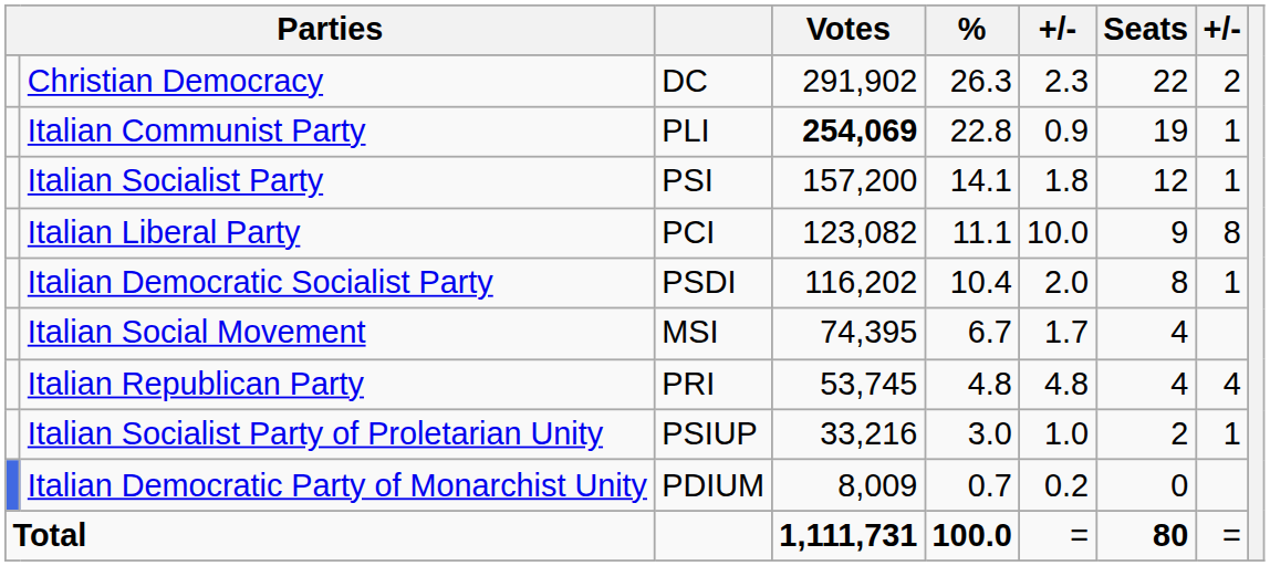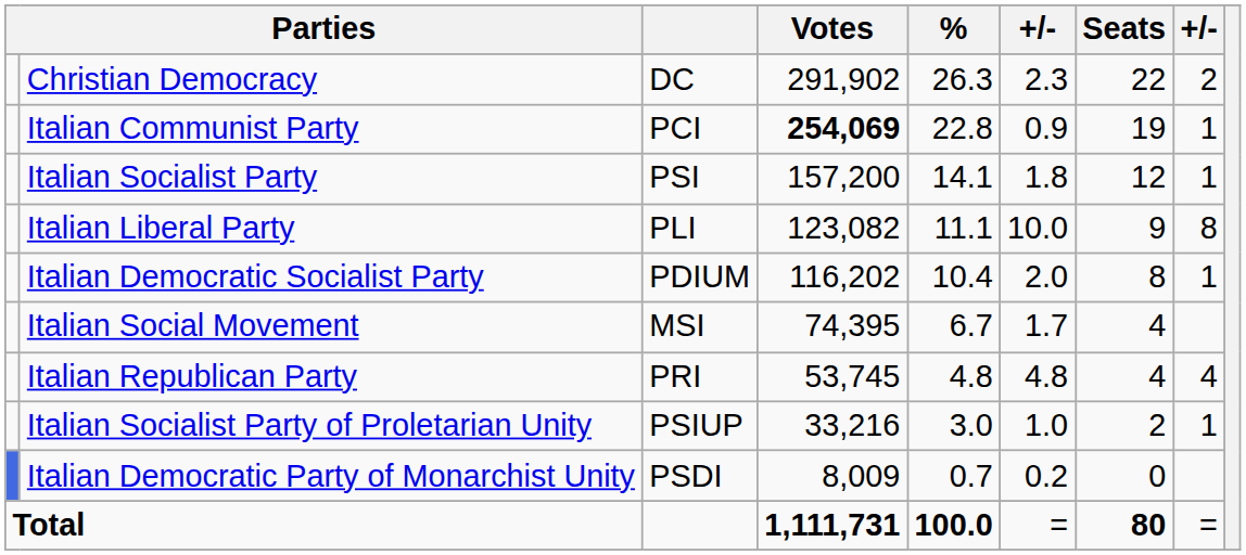 <table class="wikitable">
 <tr>
 <th colspan="2">Parties</th>
 <th></th>
 <th>Votes</th>
 <th>%</th>
 <th>+/-</th>
 <th>Seats</th>
 <th>+/-</th>
 <th rowspan="12"></th>
 </tr>
 <tr>
 <td style="background-color:"></td>
 <td><a href='#'>Christian Democracy</a></td>
 <td>DC</td>
 <td align=right>291,902</td>
 <td align=right>26.3</td>
 <td align=right> 2.3</td>
 <td align=right>22</td>
 <td align=right> 2</td>
 </tr>
 <tr>
 <td style="background-color:"></td>
 <td><a href='#'>Italian Communist Party</a></td>
-<td>PLI</td>
+<td>PCI</td>
 <td align=right><strong>254,069</strong></td>
 <td align=right>22.8</td>
 <td align=right> 0.9</td>
 <td align=right>19</td>
 <td align=right> 1</td>
 </tr>
 <tr>
 <td style="background-color:"></td>
 <td><a href='#'>Italian Socialist Party</a></td>
 <td>PSI</td>
 <td align=right>157,200</td>
 <td align=right>14.1</td>
 <td align=right> 1.8</td>
 <td align=right>12</td>
 <td align=right> 1</td>
 </tr>
 <tr>
 <td style="background-color:"></td>
 <td><a href='#'>Italian Liberal Party</a></td>
-<td>PCI</td>
+<td>PLI</td>
 <td align=right>123,082</td>
 <td align=right>11.1</td>
 <td align=right> 10.0</td>
 <td align=right>9</td>
 <td align=right> 8</td>
 </tr>
 <tr>
 <td style="background-color:"></td>
 <td><a href='#'>Italian Democratic Socialist Party</a></td>
-<td>PSDI</td>
+<td>PDIUM</td>
 <td align=right>116,202</td>
 <td align=right>10.4</td>
 <td align=right> 2.0</td>
 <td align=right>8</td>
 <td align=right> 1</td>
 </tr>
 <tr>
 <td style="background-color:"></td>
 <td><a href='#'>Italian Social Movement</a></td>
 <td>MSI</td>
 <td align=right>74,395</td>
 <td align=right>6.7</td>
 <td align=right> 1.7</td>
 <td align=right>4</td>
 <td align=right></td>
 </tr>
 <tr>
 <td style="background-color:"></td>
 <td><a href='#'>Italian Republican Party</a></td>
 <td>PRI</td>
 <td align=right>53,745</td>
 <td align=right>4.8</td>
 <td align=right> 4.8</td>
 <td align=right>4</td>
 <td align=right> 4</td>
 </tr>
 <tr>
 <td style="background-color:"></td>
 <td><a href='#'>Italian Socialist Party of Proletarian Unity</a></td>
 <td>PSIUP</td>
 <td align=right>33,216</td>
 <td align=right>3.0</td>
 <td align=right> 1.0</td>
 <td align=right>2</td>
 <td align=right> 1</td>
 </tr>
 <tr>
 <td style="background-color:royalblue"></td>
 <td><a href='#'>Italian Democratic Party of Monarchist Unity</a></td>
-<td>PDIUM</td>
+<td>PSDI</td>
 <td align=right>8,009</td>
 <td align=right>0.7</td>
 <td align=right> 0.2</td>
 <td align=right>0</td>
 <td align=right></td>
 </tr>
 <tr>
 <td colspan="2"><strong>Total</strong></td>
 <td></td>
 <td align=right><strong>1,111,731</strong></td>
 <td align=right><strong>100.0</strong></td>
 <td align=right>=</td>
 <td align=right><strong>80</strong></td>
 <td align=right>=</td>
 </tr>
 </table>
